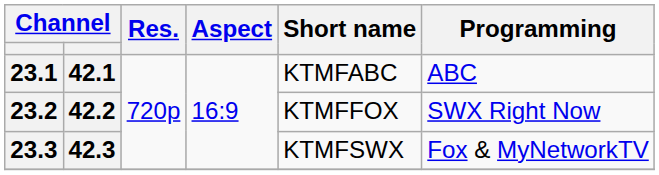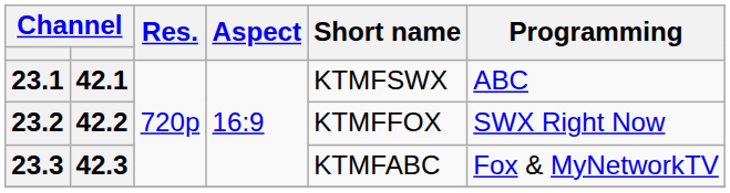 <table class="wikitable">
 <tr>
 <th scope = "col" colspan="2"><a href='#'>Channel</a></th>
 <th scope = "col" rowspan="2"><a href='#'>Res.</a></th>
 <th scope = "col" rowspan="2"><a href='#'>Aspect</a></th>
 <th scope = "col" rowspan="2">Short name</th>
 <th scope = "col" rowspan="2">Programming</th>
 </tr>
 <tr>
 <th scope = "col"></th>
 <th></th>
 </tr>
 <tr>
 <th scope = "row">23.1</th>
 <th>42.1</th>
 <td rowspan="3"><a href='#'>720p</a></td>
 <td rowspan="3"><a href='#'>16:9</a></td>
-<td>KTMFABC</td>
+<td>KTMFSWX</td>
 <td><a href='#'>ABC</a></td>
 </tr>
 <tr>
 <th scope = "row">23.2</th>
 <th>42.2</th>
 <td>KTMFFOX</td>
 <td><a href='#'>SWX Right Now</a></td>
 </tr>
 <tr>
 <th scope = "row">23.3</th>
 <th>42.3</th>
-<td>KTMFSWX</td>
+<td>KTMFABC</td>
 <td><a href='#'>Fox</a> & <a href='#'>MyNetworkTV</a></td>
 </tr>
 <tr>
 </tr>
 </table>
